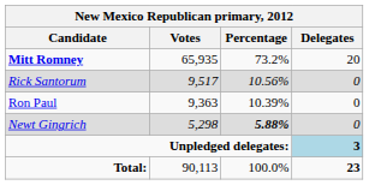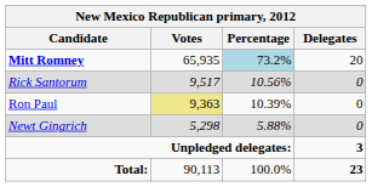 <table class="wikitable" style="font-size:95%;">
 <tr>
 <th colspan="4">New Mexico Republican primary, 2012</th>
 </tr>
 <tr>
 <th rowspan="1" width="160px">Candidate</th>
 <th rowspan="1" width="75px">Votes</th>
 <th rowspan="1" width="75px">Percentage</th>
 <th rowspan="1" width="75px">Delegates</th>
 </tr>
 <tr align="right" >
 <td align="left"><strong> <a href='#'>Mitt Romney</a></strong></td>
 <td>65,935</td>
-<td>73.2%</td>
+<td style="background: lightblue;">73.2%</td>
 <td>20</td>
 </tr>
 <tr align="right" bgcolor=DDDDDD>
 <td align="left"><em><a href='#'>Rick Santorum</a></em></td>
 <td><em>9,517</em></td>
 <td><em>10.56%</em></td>
 <td><em>0</em></td>
 </tr>
 <tr align="right">
 <td align="left"><a href='#'>Ron Paul</a></td>
-<td>9,363</td>
+<td style="background: khaki;">9,363</td>
 <td>10.39%</td>
 <td>0</td>
 </tr>
 <tr align="right" bgcolor=DDDDDD>
 <td align="left"><em><a href='#'>Newt Gingrich</a></em></td>
 <td><em>5,298</em></td>
-<td><strong><em>5.88%</em></strong></td>
+<td><em>5.88%</em></td>
 <td><em>0</em></td>
 </tr>
 <tr align="right">
 <td colspan="3"><strong>Unpledged delegates:</strong></td>
-<td style="background: lightblue;"><strong>3</strong></td>
+<td><strong>3</strong></td>
 </tr>
 <tr align="right">
 <td><strong>Total:</strong></td>
 <td>90,113</td>
 <td>100.0%</td>
 <td><strong>23</strong></td>
 </tr>
 </table>
